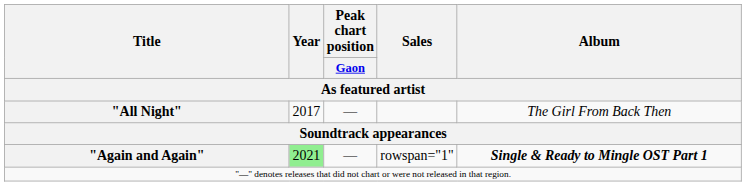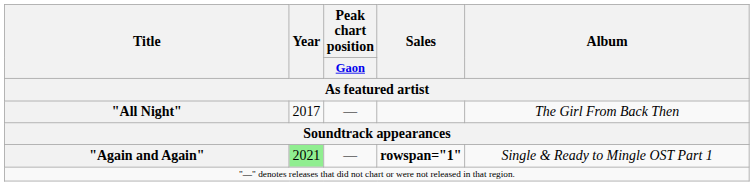 <table class="wikitable plainrowheaders" style="text-align:center">
 <tr>
 <th scope="col" rowspan="2" style="width:20em;">Title</th>
 <th scope="col" rowspan="2">Year</th>
 <th scope="col">Peak chart position</th>
 <th scope="col" rowspan="2">Sales</th>
 <th scope="col" rowspan="2" style="width:20em;">Album</th>
 </tr>
 <tr>
 <th style="width:3em;font-size:90%"><a href='#'>Gaon</a><br></th>
 </tr>
 <tr>
 <th colspan="6">As featured artist</th>
 </tr>
 <tr>
 <th scope="row">"All Night"<br></th>
 <td>2017</td>
 <td>—</td>
 <td></td>
 <td><em>The Girl From Back Then</em></td>
 </tr>
 <tr>
 <th colspan="6">Soundtrack appearances</th>
 </tr>
 <tr>
 <th scope="row">"Again and Again" </th>
 <td rowspan="1" style="background: lightgreen;">2021</td>
 <td>—</td>
-<td>rowspan="1"  </td>
-<td><strong><em>Single & Ready to Mingle OST Part 1</em></strong></td>
+<td><strong>rowspan="1"  </strong></td>
+<td><em>Single & Ready to Mingle OST Part 1</em></td>
 </tr>
 <tr>
 <td colspan="6" style="font-size:8pt">"—" denotes releases that did not chart or were not released in that region.</td>
 </tr>
 </table>
